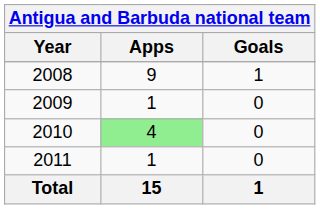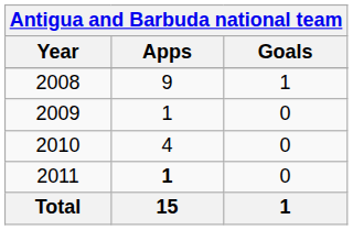 <table class="wikitable" style="text-align:center">
 <tr>
 <th colspan=3><a href='#'>Antigua and Barbuda national team</a></th>
 </tr>
 <tr>
 <th>Year</th>
 <th>Apps</th>
 <th>Goals</th>
 </tr>
 <tr>
 </tr>
 <tr>
 <td>2008</td>
 <td>9</td>
 <td>1</td>
 </tr>
 <tr>
 <td>2009</td>
 <td>1</td>
 <td>0</td>
 </tr>
 <tr>
 <td>2010</td>
-<td style="background: lightgreen;">4</td>
+<td>4</td>
 <td>0</td>
 </tr>
 <tr>
 <td>2011</td>
-<td>1</td>
+<td><strong>1</strong></td>
 <td>0</td>
 </tr>
 <tr>
 <th>Total</th>
 <th>15</th>
 <th>1</th>
 </tr>
 </table>
